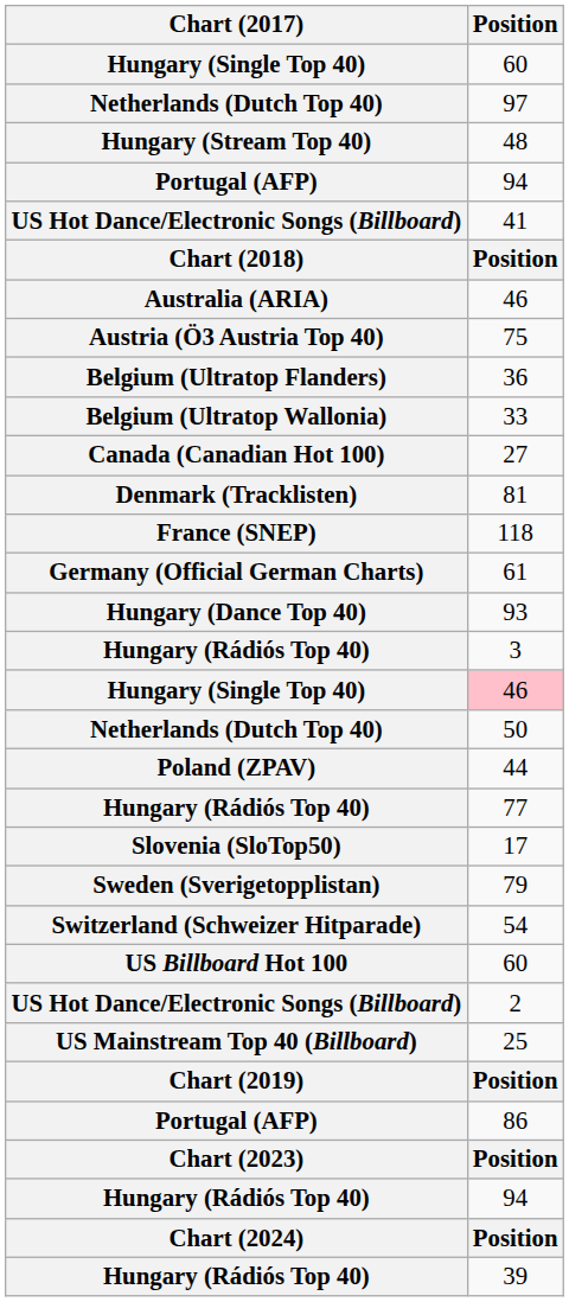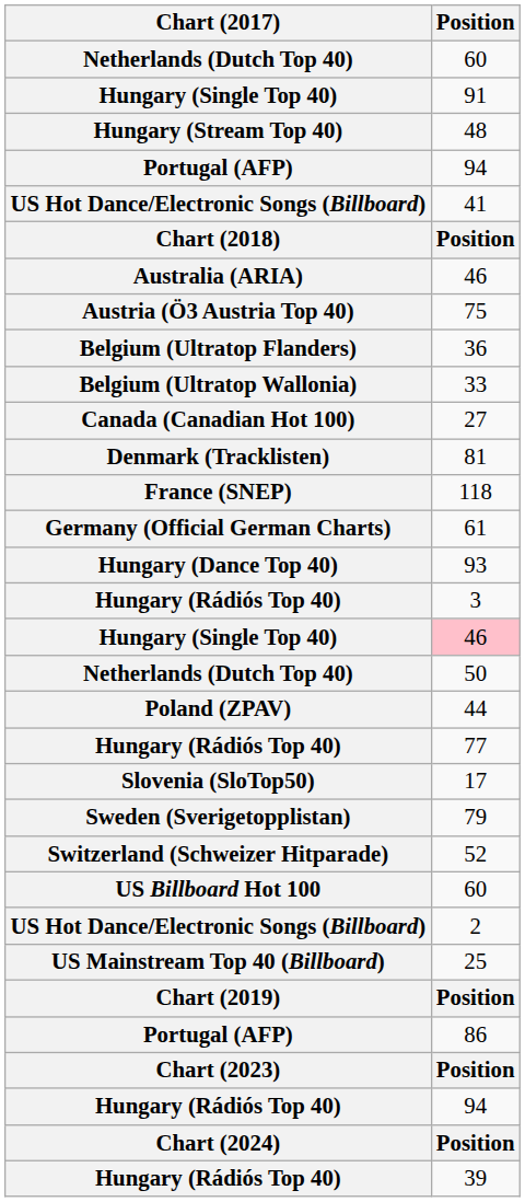 <table class="wikitable plainrowheaders sortable" style="text-align:center">
 <tr>
 <th scope="col">Chart (2017)</th>
 <th scope="col">Position</th>
 </tr>
 <tr>
-<th scope="row">Hungary (Single Top 40)</th>
+<th scope="row">Netherlands (Dutch Top 40)</th>
 <td>60</td>
 </tr>
 <tr>
-<th scope="row">Netherlands (Dutch Top 40)</th>
-<td>97</td>
+<th scope="row">Hungary (Single Top 40)</th>
+<td>91</td>
 </tr>
 <tr>
 <th scope="row">Hungary (Stream Top 40)</th>
 <td>48</td>
 </tr>
 <tr>
 <th scope="row">Portugal (AFP)</th>
 <td>94</td>
 </tr>
 <tr>
 <th scope="row">US Hot Dance/Electronic Songs (<em>Billboard</em>)</th>
 <td>41</td>
 </tr>
 <tr>
 <th scope="col">Chart (2018)</th>
 <th scope="col">Position</th>
 </tr>
 <tr>
 <th scope="row">Australia (ARIA)</th>
 <td>46</td>
 </tr>
 <tr>
 <th scope="row">Austria (Ö3 Austria Top 40)</th>
 <td>75</td>
 </tr>
 <tr>
 <th scope="row">Belgium (Ultratop Flanders)</th>
 <td>36</td>
 </tr>
 <tr>
 <th scope="row">Belgium (Ultratop Wallonia)</th>
 <td>33</td>
 </tr>
 <tr>
 <th scope="row">Canada (Canadian Hot 100)</th>
 <td>27</td>
 </tr>
 <tr>
 <th scope="row">Denmark (Tracklisten)</th>
 <td>81</td>
 </tr>
 <tr>
 <th scope="row">France (SNEP)</th>
 <td>118</td>
 </tr>
 <tr>
 <th scope="row">Germany (Official German Charts)</th>
 <td>61</td>
 </tr>
 <tr>
 <th scope="row">Hungary (Dance Top 40)</th>
 <td>93</td>
 </tr>
 <tr>
 <th scope="row">Hungary (Rádiós Top 40)</th>
 <td>3</td>
 </tr>
 <tr>
 <th scope="row">Hungary (Single Top 40)</th>
 <td style="background: pink;">46</td>
 </tr>
 <tr>
 <th scope="row">Netherlands (Dutch Top 40)</th>
 <td>50</td>
 </tr>
 <tr>
 <th scope="row">Poland (ZPAV)</th>
 <td>44</td>
 </tr>
 <tr>
 <th scope="row">Hungary (Rádiós Top 40)</th>
 <td>77</td>
 </tr>
 <tr>
 <th scope="row">Slovenia (SloTop50)</th>
 <td>17</td>
 </tr>
 <tr>
 <th scope="row">Sweden (Sverigetopplistan)</th>
 <td>79</td>
 </tr>
 <tr>
 <th scope="row">Switzerland (Schweizer Hitparade)</th>
-<td>54</td>
+<td>52</td>
 </tr>
 <tr>
 <th scope="row">US <em>Billboard</em> Hot 100</th>
 <td>60</td>
 </tr>
 <tr>
 <th scope="row">US Hot Dance/Electronic Songs (<em>Billboard</em>)</th>
 <td>2</td>
 </tr>
 <tr>
 <th scope="row">US Mainstream Top 40 (<em>Billboard</em>)</th>
 <td>25</td>
 </tr>
 <tr>
 <th scope="col">Chart (2019)</th>
 <th scope="col">Position</th>
 </tr>
 <tr>
 <th scope="row">Portugal (AFP)</th>
 <td>86</td>
 </tr>
 <tr>
 <th scope="col">Chart (2023)</th>
 <th scope="col">Position</th>
 </tr>
 <tr>
 <th scope="row">Hungary (Rádiós Top 40)</th>
 <td>94</td>
 </tr>
 <tr>
 <th scope="col">Chart (2024)</th>
 <th scope="col">Position</th>
 </tr>
 <tr>
 <th scope="row">Hungary (Rádiós Top 40)</th>
 <td>39</td>
 </tr>
 </table>
